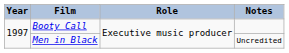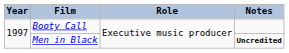 <table class="wikitable" style="font-size:95%;">
 <tr>
 <th style="background:#B0C4DE;">Year</th>
 <th style="background:#B0C4DE;">Film</th>
 <th style="background:#B0C4DE;">Role</th>
 <th style="background:#B0C4DE;">Notes</th>
 </tr>
 <tr>
 <td rowspan=2>1997</td>
 <td><em><a href='#'>Booty Call</a></em></td>
 <td rowspan=2>Executive music producer</td>
 <td></td>
 </tr>
 <tr>
 <td><em><a href='#'>Men in Black</a></em></td>
-<td><small>Uncredited</small></td>
+<td><strong><small>Uncredited</small></strong></td>
 </tr>
 </table>
